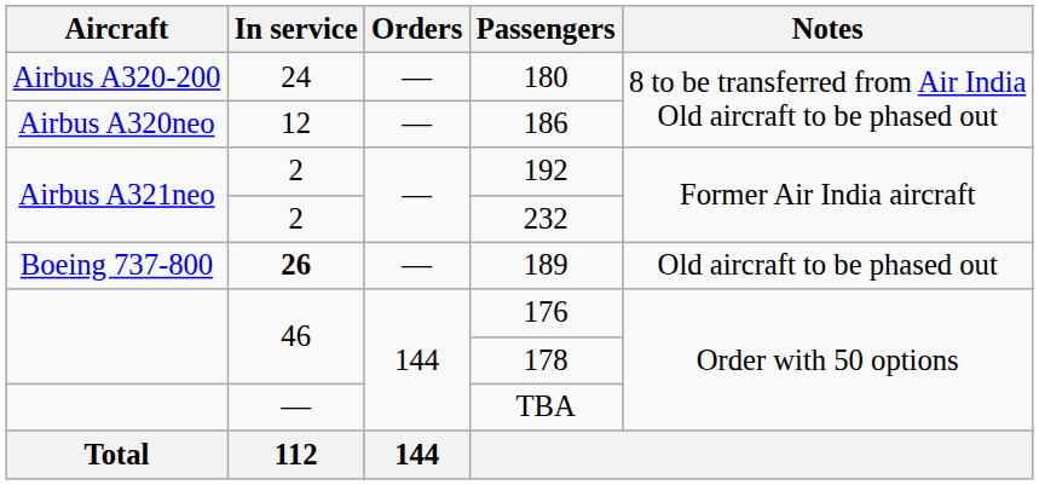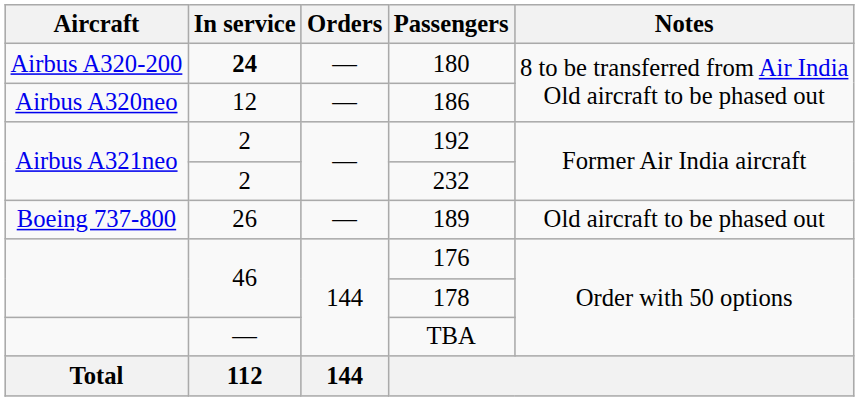 <table class="wikitable" style="border-collapse:collapse;text-align:center;margin:auto;">
 <tr>
 <th>Aircraft</th>
 <th>In service</th>
 <th>Orders</th>
 <th>Passengers</th>
 <th>Notes</th>
 </tr>
 <tr>
 <td><a href='#'>Airbus A320-200</a></td>
-<td>24</td>
+<td><strong>24</strong></td>
 <td>—</td>
 <td>180</td>
 <td rowspan="2">8 to be transferred from <a href='#'>Air India</a><br>Old aircraft to be phased out</td>
 </tr>
 <tr>
 <td><a href='#'>Airbus A320neo</a></td>
 <td>12</td>
 <td>—</td>
 <td>186</td>
 </tr>
 <tr>
 <td rowspan="2"><a href='#'>Airbus A321neo</a></td>
 <td>2</td>
 <td rowspan="2">—</td>
 <td>192</td>
 <td rowspan="2">Former Air India aircraft</td>
 </tr>
 <tr>
 <td>2</td>
 <td>232</td>
 </tr>
 <tr>
 <td><a href='#'>Boeing 737-800</a></td>
-<td><strong>26</strong></td>
+<td>26</td>
 <td>—</td>
 <td>189</td>
 <td>Old aircraft to be phased out</td>
 </tr>
 <tr>
 <td rowspan="2"></td>
 <td rowspan="2">46</td>
 <td rowspan="3">144</td>
 <td>176</td>
 <td rowspan="3">Order with 50 options</td>
 </tr>
 <tr>
 <td>178</td>
 </tr>
 <tr>
 <td></td>
 <td>—</td>
 <td><abbr>TBA</abbr></td>
 </tr>
 <tr>
 <th>Total</th>
 <th>112</th>
 <th>144</th>
 <th colspan="2"></th>
 </tr>
 </table>
